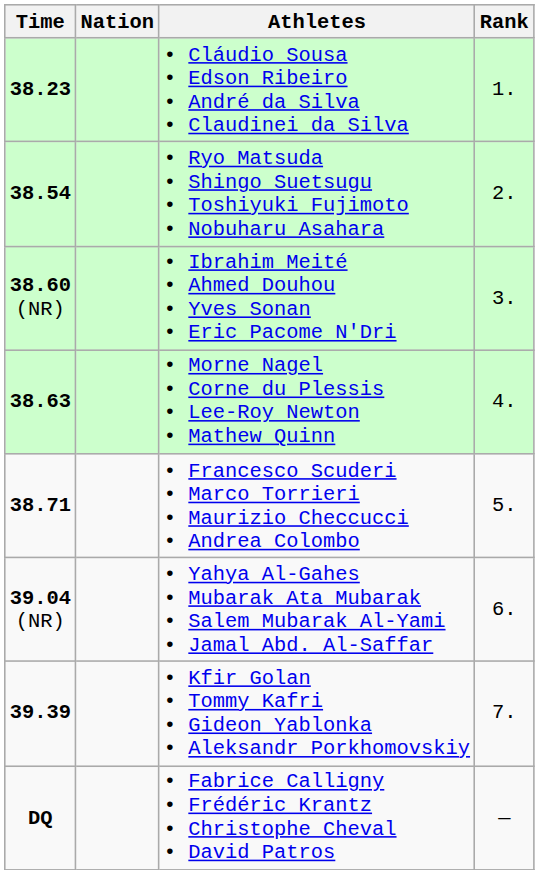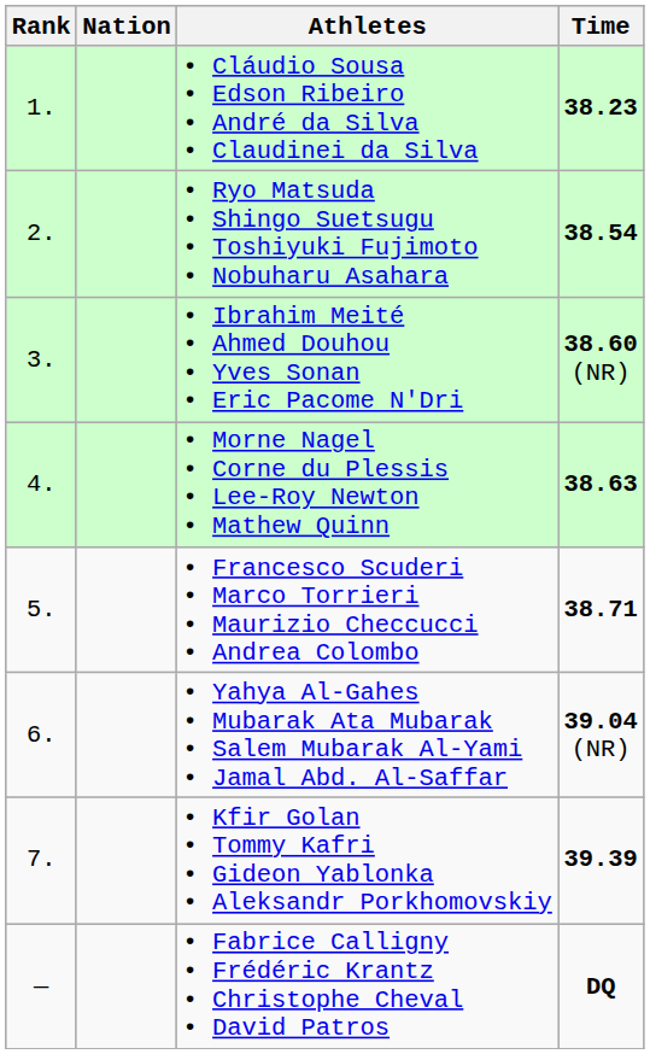 <table class="wikitable" style="text-align:center">
 <tr>
-<th>Time</th>
+<th>Rank</th>
 <th>Nation</th>
 <th>Athletes</th>
-<th>Rank</th>
+<th>Time</th>
 </tr>
 <tr style="background:#ccffcc;">
-<td><strong>38.23</strong></td>
+<td>1.</td>
 <td align=left></td>
 <td align=left>• <a href='#'>Cláudio Sousa</a><br>• <a href='#'>Edson Ribeiro</a><br>• <a href='#'>André da Silva</a><br>• <a href='#'>Claudinei da Silva</a></td>
-<td>1.</td>
+<td><strong>38.23</strong></td>
 </tr>
 <tr style="background:#ccffcc;">
-<td><strong>38.54</strong></td>
+<td>2.</td>
 <td align=left></td>
 <td align=left>• <a href='#'>Ryo Matsuda</a><br>• <a href='#'>Shingo Suetsugu</a><br>• <a href='#'>Toshiyuki Fujimoto</a><br>• <a href='#'>Nobuharu Asahara</a></td>
-<td>2.</td>
+<td><strong>38.54</strong></td>
 </tr>
 <tr style="background:#ccffcc;">
-<td><strong>38.60</strong><br>(NR)</td>
+<td>3.</td>
 <td align=left></td>
 <td align=left>• <a href='#'>Ibrahim Meité</a><br>• <a href='#'>Ahmed Douhou</a><br>• <a href='#'>Yves Sonan</a><br>• <a href='#'>Eric Pacome N'Dri</a></td>
-<td>3.</td>
+<td><strong>38.60</strong><br>(NR)</td>
 </tr>
 <tr style="background:#ccffcc;">
-<td><strong>38.63</strong></td>
+<td>4.</td>
 <td align=left></td>
 <td align=left>• <a href='#'>Morne Nagel</a><br>• <a href='#'>Corne du Plessis</a><br>• <a href='#'>Lee-Roy Newton</a><br>• <a href='#'>Mathew Quinn</a></td>
-<td>4.</td>
+<td><strong>38.63</strong></td>
 </tr>
 <tr>
-<td><strong>38.71</strong></td>
+<td>5.</td>
 <td align=left></td>
 <td align=left>• <a href='#'>Francesco Scuderi</a><br>• <a href='#'>Marco Torrieri</a><br>• <a href='#'>Maurizio Checcucci</a><br>• <a href='#'>Andrea Colombo</a></td>
-<td>5.</td>
+<td><strong>38.71</strong></td>
 </tr>
 <tr>
-<td><strong>39.04</strong><br>(NR)</td>
+<td>6.</td>
 <td align=left></td>
 <td align=left>• <a href='#'>Yahya Al-Gahes</a><br>• <a href='#'>Mubarak Ata Mubarak</a><br>• <a href='#'>Salem Mubarak Al-Yami</a><br>• <a href='#'>Jamal Abd. Al-Saffar</a></td>
-<td>6.</td>
+<td><strong>39.04</strong><br>(NR)</td>
 </tr>
 <tr>
-<td><strong>39.39</strong></td>
+<td>7.</td>
 <td align=left></td>
 <td align=left>• <a href='#'>Kfir Golan</a><br>• <a href='#'>Tommy Kafri</a><br>• <a href='#'>Gideon Yablonka</a><br>• <a href='#'>Aleksandr Porkhomovskiy</a></td>
-<td>7.</td>
+<td><strong>39.39</strong></td>
 </tr>
 <tr>
-<td><strong>DQ</strong></td>
+<td>—</td>
 <td align=left></td>
 <td align=left>• <a href='#'>Fabrice Calligny</a><br>• <a href='#'>Frédéric Krantz</a><br>• <a href='#'>Christophe Cheval</a><br>• <a href='#'>David Patros</a></td>
-<td>—</td>
+<td><strong>DQ</strong></td>
 </tr>
 </table>
